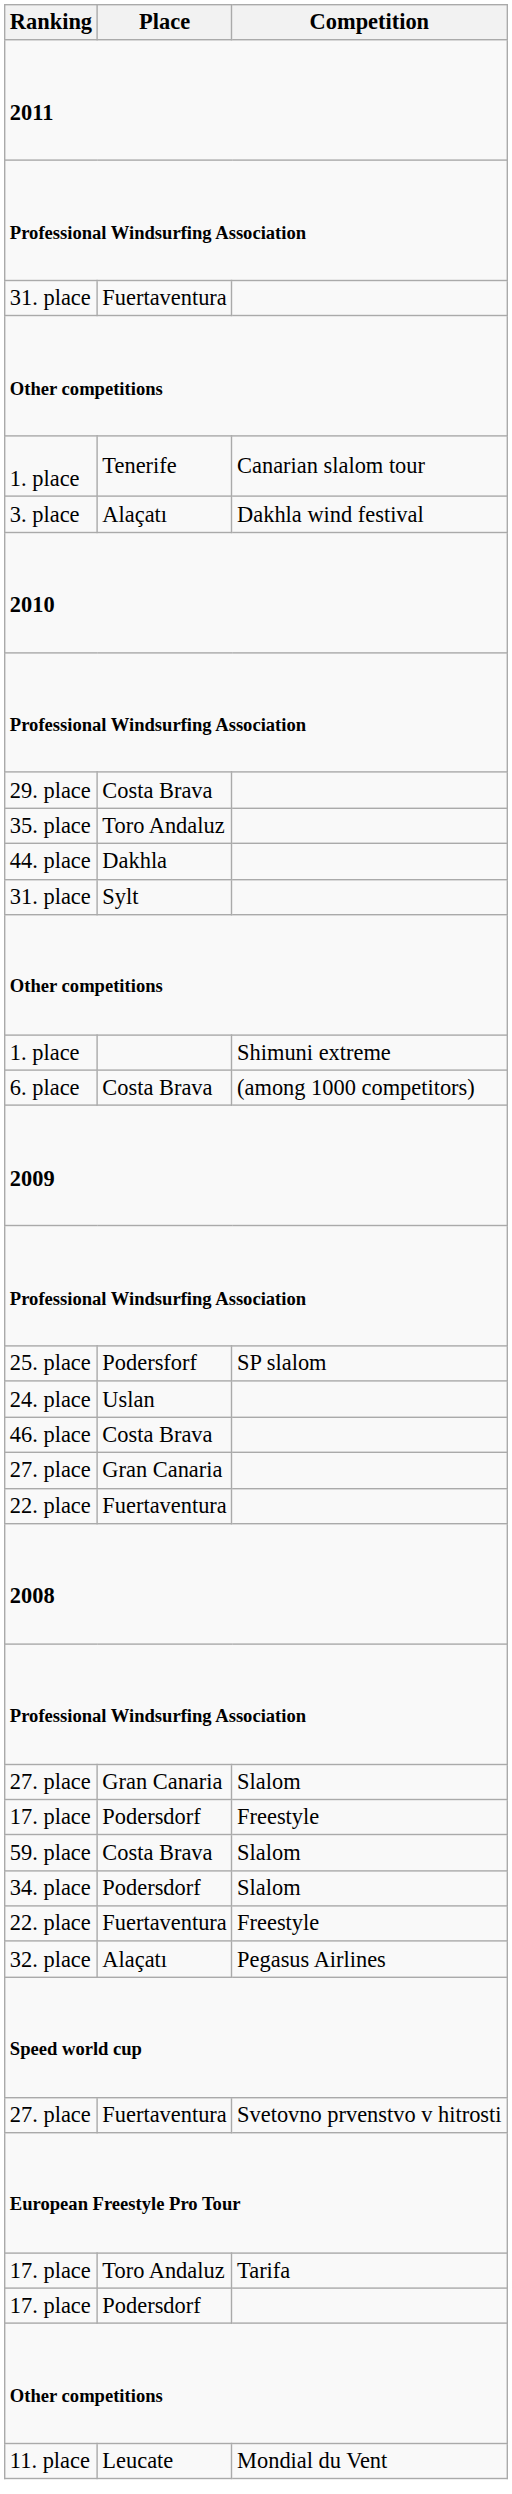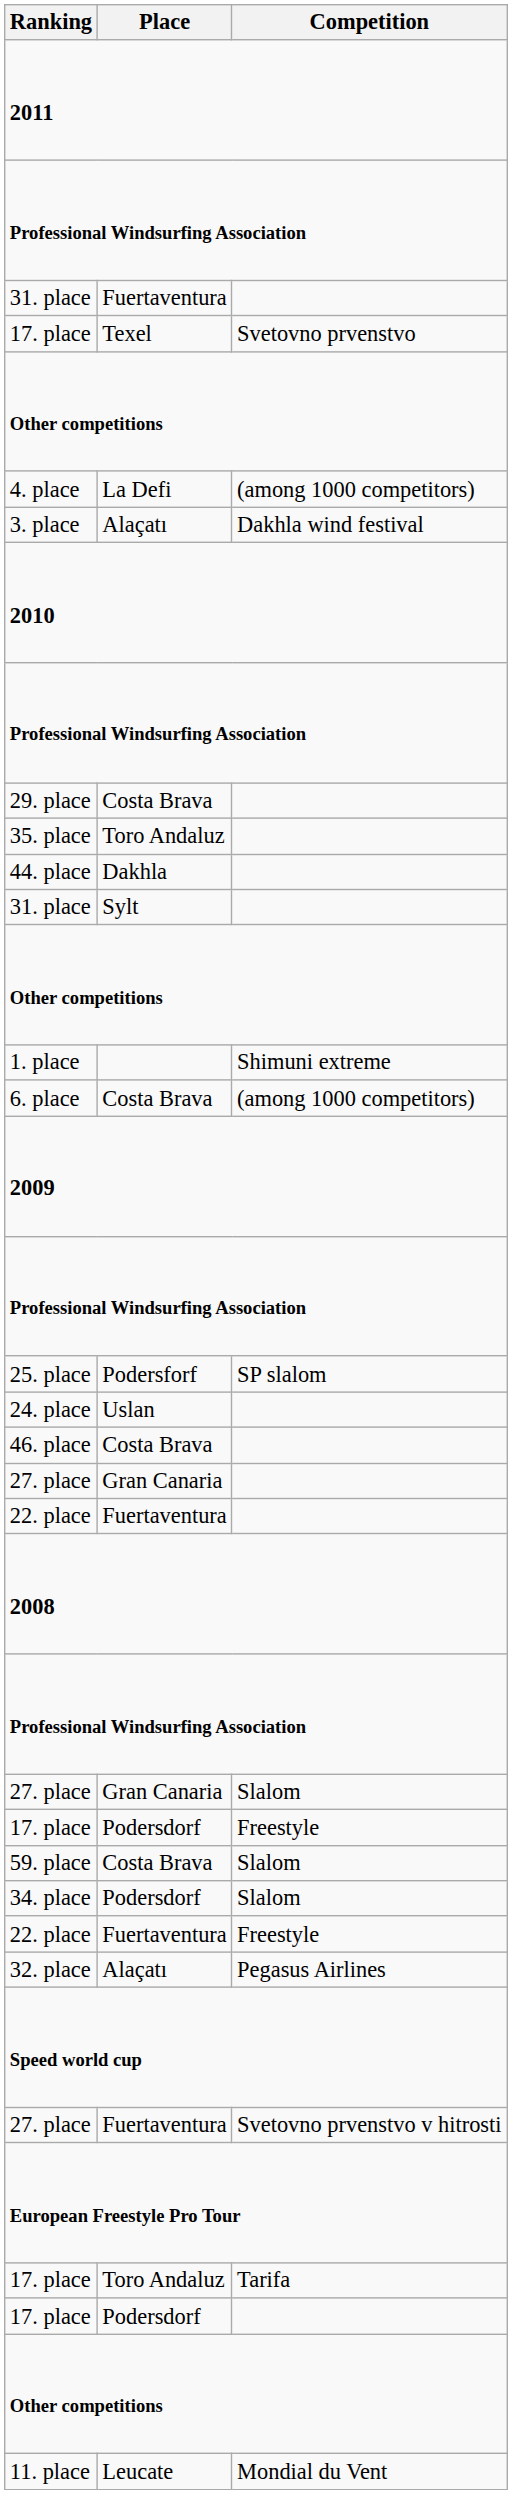 <table class="wikitable">
 <tr>
 <th>Ranking</th>
 <th>Place</th>
 <th>Competition</th>
 </tr>
 <tr>
 <td colspan="3"><br><h4>2011</h4></td>
 </tr>
 <tr>
 <td colspan="3"><br><h5>Professional Windsurfing Association</h5></td>
 </tr>
 <tr>
 <td>31. place</td>
 <td> Fuertaventura</td>
 <td></td>
 </tr>
 <tr>
+<td>17. place</td>
+<td> Texel</td>
+<td>Svetovno prvenstvo</td>
+</tr>
+<tr>
 <td colspan="3"><br><h5>Other competitions</h5></td>
 </tr>
 <tr>
-<td><br>1. place</td>
-<td> Tenerife</td>
-<td>Canarian slalom tour</td>
+<td>4. place</td>
+<td> La Defi</td>
+<td>(among 1000 competitors)</td>
 </tr>
 <tr>
 <td>3. place</td>
 <td> Alaçatı</td>
 <td>Dakhla wind festival</td>
 </tr>
 <tr>
 <td colspan="3"><br><h4>2010</h4></td>
 </tr>
 <tr>
 <td colspan="3"><br><h5>Professional Windsurfing Association</h5></td>
 </tr>
 <tr>
 <td>29. place</td>
 <td> Costa Brava</td>
 <td></td>
 </tr>
 <tr>
 <td>35. place</td>
 <td> Toro Andaluz</td>
 <td></td>
 </tr>
 <tr>
 <td>44. place</td>
 <td> Dakhla</td>
 <td></td>
 </tr>
 <tr>
 <td>31. place</td>
 <td> Sylt</td>
 <td></td>
 </tr>
 <tr>
 <td colspan="3"><br><h5>Other competitions</h5></td>
 </tr>
 <tr>
 <td>1. place</td>
 <td></td>
 <td>Shimuni extreme</td>
 </tr>
 <tr>
 <td>6. place</td>
 <td> Costa Brava</td>
 <td>(among 1000 competitors)</td>
 </tr>
 <tr>
 <td colspan="3"><br><h4>2009</h4></td>
 </tr>
 <tr>
 <td colspan="3"><br><h5>Professional Windsurfing Association</h5></td>
 </tr>
 <tr>
 <td>25. place</td>
 <td> Podersforf</td>
 <td>SP slalom</td>
 </tr>
 <tr>
 <td>24. place</td>
 <td> Uslan</td>
 <td></td>
 </tr>
 <tr>
 <td>46. place</td>
 <td> Costa Brava</td>
 <td></td>
 </tr>
 <tr>
 <td>27. place</td>
 <td> Gran Canaria</td>
 <td></td>
 </tr>
 <tr>
 <td>22. place</td>
 <td> Fuertaventura</td>
 <td></td>
 </tr>
 <tr>
 <td colspan="3"><br><h4>2008</h4></td>
 </tr>
 <tr>
 <td colspan="3"><br><h5>Professional Windsurfing Association</h5></td>
 </tr>
 <tr>
 <td>27. place</td>
 <td> Gran Canaria</td>
 <td>Slalom</td>
 </tr>
 <tr>
 <td>17. place</td>
 <td> Podersdorf</td>
 <td>Freestyle</td>
 </tr>
 <tr>
 <td>59. place</td>
 <td> Costa Brava</td>
 <td>Slalom</td>
 </tr>
 <tr>
 <td>34. place</td>
 <td> Podersdorf</td>
 <td>Slalom</td>
 </tr>
 <tr>
 <td>22. place</td>
 <td> Fuertaventura</td>
 <td>Freestyle</td>
 </tr>
 <tr>
 <td>32. place</td>
 <td> Alaçatı</td>
 <td>Pegasus Airlines</td>
 </tr>
 <tr>
 <td colspan="3"><br><h5>Speed world cup</h5></td>
 </tr>
 <tr>
 <td>27. place</td>
 <td> Fuertaventura</td>
 <td>Svetovno prvenstvo v hitrosti</td>
 </tr>
 <tr>
 <td colspan="3"><br><h5>European Freestyle Pro Tour</h5></td>
 </tr>
 <tr>
 <td>17. place</td>
 <td> Toro Andaluz</td>
 <td>Tarifa</td>
 </tr>
 <tr>
 <td>17. place</td>
 <td> Podersdorf</td>
 <td></td>
 </tr>
 <tr>
 <td colspan="3"><br><h5>Other competitions</h5></td>
 </tr>
 <tr>
 <td>11. place</td>
 <td> Leucate</td>
 <td>Mondial du Vent</td>
 </tr>
 </table>
